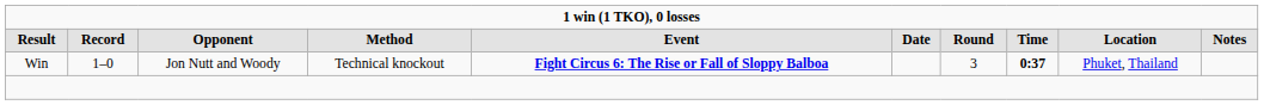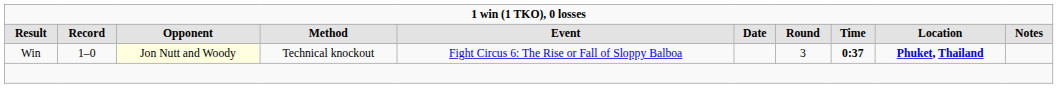 <table style="width:100%; clear:both; margin:1.5em auto; text-align:center; font-size:88%;" class="wikitable sortable">
 <tr>
 <td colspan=10><strong>1 win (1 TKO), 0 losses</strong></td>
 </tr>
 <tr>
 <th style="border-style: none none solid solid; background: #e3e3e3"><strong>Result</strong></th>
 <th style="border-style: none none solid solid; background: #e3e3e3"><strong>Record</strong></th>
 <th style="border-style: none none solid solid; background: #e3e3e3"><strong>Opponent</strong></th>
 <th style="border-style: none none solid solid; background: #e3e3e3"><strong>Method</strong></th>
 <th style="border-style: none none solid solid; background: #e3e3e3"><strong>Event</strong></th>
 <th style="border-style: none none solid solid; background: #e3e3e3"><strong>Date</strong></th>
 <th style="border-style: none none solid solid; background: #e3e3e3"><strong>Round</strong></th>
 <th style="border-style: none none solid solid; background: #e3e3e3"><strong>Time</strong></th>
 <th style="border-style: none none solid solid; background: #e3e3e3"><strong>Location</strong></th>
 <th style="border-style: none none solid solid; background: #e3e3e3"><strong>Notes</strong></th>
 </tr>
 <tr>
 <td>Win</td>
 <td align=center>1–0</td>
-<td>Jon Nutt and Woody</td>
+<td style="background: lightyellow;">Jon Nutt and Woody</td>
 <td>Technical knockout</td>
-<td><strong><a href='#'>Fight Circus 6: The Rise or Fall of Sloppy Balboa</a></strong></td>
+<td><a href='#'>Fight Circus 6: The Rise or Fall of Sloppy Balboa</a></td>
 <td></td>
 <td align=center>3</td>
 <td align=center><strong>0:37</strong></td>
-<td><a href='#'>Phuket</a>, <a href='#'>Thailand</a></td>
+<td><strong><a href='#'>Phuket</a>, <a href='#'>Thailand</a></strong></td>
 <td align=left></td>
 </tr>
 <tr>
 <td colspan=10><br></td>
 </tr>
 </table>
